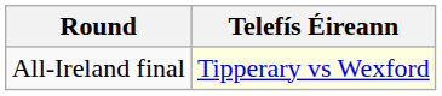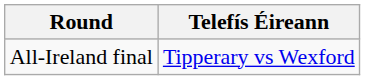 <table class="wikitable">
 <tr>
 <th>Round</th>
 <th>Telefís Éireann</th>
 </tr>
 <tr>
 <td>All-Ireland final</td>
-<td style="background: lightyellow;"><a href='#'>Tipperary vs Wexford</a></td>
+<td><a href='#'>Tipperary vs Wexford</a></td>
 </tr>
 </table>
